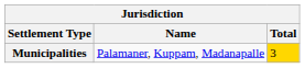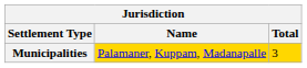 <table class="wikitable" style="width:200pt,">
 <tr>
 <th colspan="3" style="text-align: center,">Jurisdiction</th>
 </tr>
 <tr>
 <th style="text-align: center,">Settlement Type</th>
 <th style="text-align: center,">Name</th>
 <th style="text-align: center,">Total</th>
 </tr>
 <tr>
 <th>Municipalities</th>
-<td><a href='#'>Palamaner</a>, <a href='#'>Kuppam</a>, <a href='#'>Madanapalle</a></td>
+<td style="background: gold;"><a href='#'>Palamaner</a>, <a href='#'>Kuppam</a>, <a href='#'>Madanapalle</a></td>
 <td style="background: gold;">3</td>
 </tr>
 </table>
